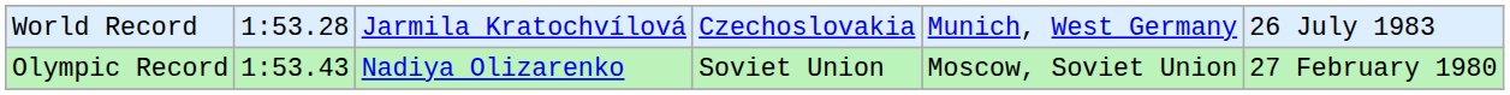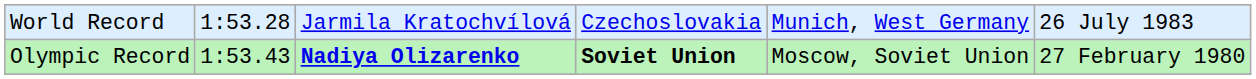 <table class="wikitable">
 <tr bgcolor = "ddeeff">
 <td>World Record</td>
 <td>1:53.28</td>
 <td><a href='#'>Jarmila Kratochvílová</a></td>
 <td><a href='#'>Czechoslovakia</a></td>
 <td><a href='#'>Munich</a>, <a href='#'>West Germany</a></td>
 <td>26 July 1983</td>
 </tr>
 <tr bgcolor = "bbf3bb">
 <td>Olympic Record</td>
 <td>1:53.43</td>
-<td><a href='#'>Nadiya Olizarenko</a></td>
-<td>Soviet Union</td>
+<td><strong><a href='#'>Nadiya Olizarenko</a></strong></td>
+<td><strong>Soviet Union</strong></td>
 <td>Moscow, Soviet Union</td>
 <td>27 February 1980</td>
 </tr>
 </table>
